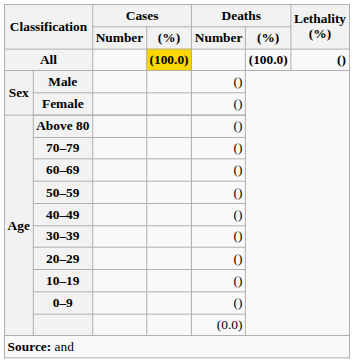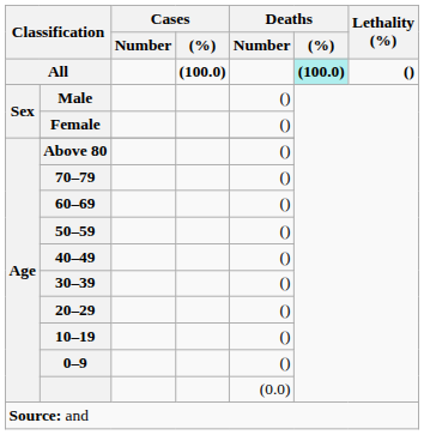 <table class="wikitable mw-datatable" style="text-align:right; font-size:90%; flex: 0 auto; min-width: unset !important">
 <tr>
 <th rowspan="2" colspan="2">Classification</th>
 <th colspan="2">Cases</th>
 <th colspan="2">Deaths</th>
 <th rowspan="2">Lethality<br>(%)</th>
 </tr>
 <tr>
 <th>Number</th>
 <th>(%)</th>
 <th>Number</th>
 <th>(%)</th>
 </tr>
 <tr>
 <th colspan="2">All</th>
 <td></td>
-<td style="background: gold;"><strong>(100.0)</strong></td>
+<td><strong>(100.0)</strong></td>
 <td></td>
-<td><strong>(100.0)</strong></td>
+<td style="background: paleturquoise;"><strong>(100.0)</strong></td>
 <td><strong>()</strong></td>
 </tr>
 <tr>
 <th rowspan="2">Sex</th>
 <th>Male</th>
 <td></td>
 <td></td>
 <td>()</td>
 </tr>
 <tr>
 <th>Female</th>
 <td></td>
 <td></td>
 <td>()</td>
 </tr>
 <tr>
 <th rowspan="11">Age</th>
 </tr>
 <tr>
 <th>Above 80</th>
 <td></td>
 <td></td>
 <td>()</td>
 </tr>
 <tr>
 <th>70–79</th>
 <td></td>
 <td></td>
 <td>()</td>
 </tr>
 <tr>
 <th>60–69</th>
 <td></td>
 <td></td>
 <td>()</td>
 </tr>
 <tr>
 <th>50–59</th>
 <td></td>
 <td></td>
 <td>()</td>
 </tr>
 <tr>
 <th>40–49</th>
 <td></td>
 <td></td>
 <td>()</td>
 </tr>
 <tr>
 <th>30–39</th>
 <td></td>
 <td></td>
 <td>()</td>
 </tr>
 <tr>
 <th>20–29</th>
 <td></td>
 <td></td>
 <td>()</td>
 </tr>
 <tr>
 <th>10–19</th>
 <td></td>
 <td></td>
 <td>()</td>
 </tr>
 <tr>
 <th>0–9</th>
 <td></td>
 <td></td>
 <td>()</td>
 </tr>
 <tr>
 <th></th>
 <td></td>
 <td></td>
 <td>(0.0) </td>
 </tr>
 <tr>
 <td style="text-align:left;" colspan="7"><strong>Source:</strong>   and </td>
 </tr>
 </table>
